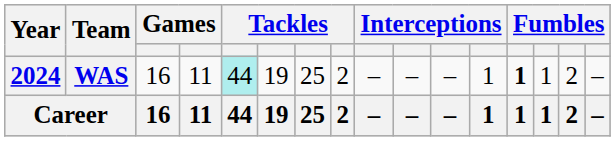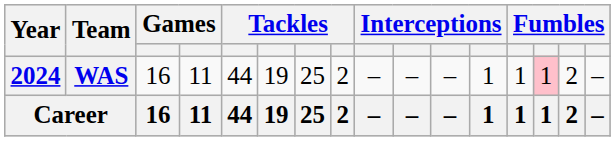 <table class="wikitable" style="text-align:center;">
 <tr>
 <th rowspan="2">Year</th>
 <th rowspan="2">Team</th>
 <th colspan="2">Games</th>
 <th colspan="4"><a href='#'>Tackles</a></th>
 <th colspan="4"><a href='#'>Interceptions</a></th>
 <th colspan="4"><a href='#'>Fumbles</a></th>
 </tr>
 <tr>
 <th></th>
 <th></th>
 <th></th>
 <th></th>
 <th></th>
 <th></th>
 <th></th>
 <th></th>
 <th></th>
 <th></th>
 <th></th>
 <th></th>
 <th></th>
 <th></th>
 </tr>
 <tr>
 <th><a href='#'>2024</a></th>
 <th><a href='#'>WAS</a></th>
 <td>16</td>
 <td>11</td>
-<td style="background: paleturquoise;">44</td>
+<td>44</td>
 <td>19</td>
 <td>25</td>
 <td>2</td>
 <td>–</td>
 <td>–</td>
 <td>–</td>
 <td>1</td>
-<td><strong>1</strong></td>
 <td>1</td>
+<td style="background: pink;">1</td>
 <td>2</td>
 <td>–</td>
 </tr>
 <tr>
 <th colspan="2">Career</th>
 <th>16</th>
 <th>11</th>
 <th>44</th>
 <th>19</th>
 <th>25</th>
 <th>2</th>
 <th>–</th>
 <th>–</th>
 <th>–</th>
 <th>1</th>
 <th>1</th>
 <th>1</th>
 <th>2</th>
 <th>–</th>
 </tr>
 </table>
